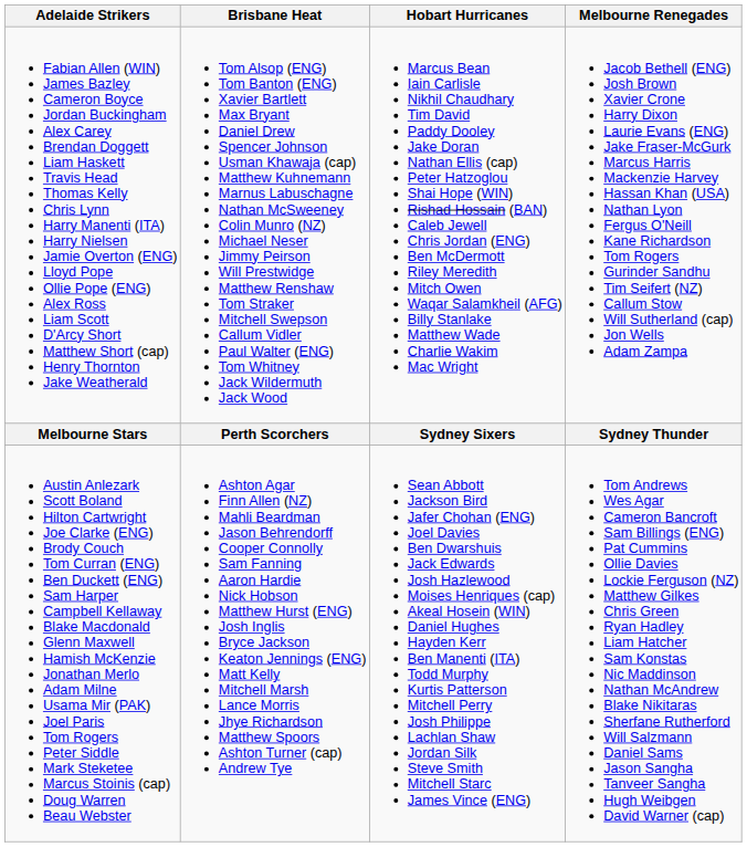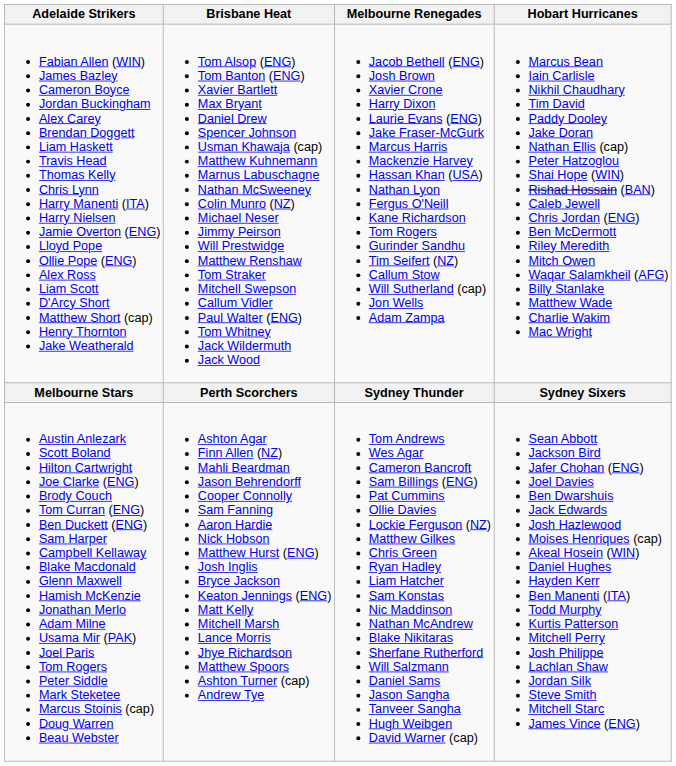 <table class="wikitable">
 <tr>
 <th>Adelaide Strikers</th>
 <th>Brisbane Heat</th>
+<th>Melbourne Renegades</th>
 <th>Hobart Hurricanes</th>
-<th>Melbourne Renegades</th>
 </tr>
 <tr>
 <td valign="top"><br><ul><li><a href='#'>Fabian Allen</a>  (<a href='#'>WIN</a>)</li><li><a href='#'>James Bazley</a></li><li><a href='#'>Cameron Boyce</a></li><li><a href='#'>Jordan Buckingham</a></li><li><a href='#'>Alex Carey</a></li><li><a href='#'>Brendan Doggett</a></li><li><a href='#'>Liam Haskett</a></li><li><a href='#'>Travis Head</a></li><li><a href='#'>Thomas Kelly</a></li><li><a href='#'>Chris Lynn</a></li><li><a href='#'>Harry Manenti</a> (<a href='#'>ITA</a>)</li><li><a href='#'>Harry Nielsen</a></li><li><a href='#'>Jamie Overton</a>  (<a href='#'>ENG</a>)</li><li><a href='#'>Lloyd Pope</a></li><li><a href='#'>Ollie Pope</a>  (<a href='#'>ENG</a>)</li><li><a href='#'>Alex Ross</a></li><li><a href='#'>Liam Scott</a></li><li><a href='#'>D'Arcy Short</a></li><li><a href='#'>Matthew Short</a> (cap)</li><li><a href='#'>Henry Thornton</a></li><li><a href='#'>Jake Weatherald</a></li></ul></td>
 <td valign="top"><br><ul><li><a href='#'>Tom Alsop</a>  (<a href='#'>ENG</a>)</li><li><a href='#'>Tom Banton</a> (<a href='#'>ENG</a>)</li><li><a href='#'>Xavier Bartlett</a></li><li><a href='#'>Max Bryant</a></li><li><a href='#'>Daniel Drew</a></li><li><a href='#'>Spencer Johnson</a></li><li><a href='#'>Usman Khawaja</a> (cap)</li><li><a href='#'>Matthew Kuhnemann</a></li><li><a href='#'>Marnus Labuschagne</a></li><li><a href='#'>Nathan McSweeney</a></li><li><a href='#'>Colin Munro</a> (<a href='#'>NZ</a>)</li><li><a href='#'>Michael Neser</a></li><li><a href='#'>Jimmy Peirson</a></li><li><a href='#'>Will Prestwidge</a></li><li><a href='#'>Matthew Renshaw</a></li><li><a href='#'>Tom Straker</a></li><li><a href='#'>Mitchell Swepson</a></li><li><a href='#'>Callum Vidler</a></li><li><a href='#'>Paul Walter</a> (<a href='#'>ENG</a>)</li><li><a href='#'>Tom Whitney</a></li><li><a href='#'>Jack Wildermuth</a></li><li><a href='#'>Jack Wood</a></li></ul></td>
+<td valign="top"><br><ul><li><a href='#'>Jacob Bethell</a> (<a href='#'>ENG</a>)</li><li><a href='#'>Josh Brown</a></li><li><a href='#'>Xavier Crone</a></li><li><a href='#'>Harry Dixon</a></li><li><a href='#'>Laurie Evans</a> (<a href='#'>ENG</a>)</li><li><a href='#'>Jake Fraser-McGurk</a></li><li><a href='#'>Marcus Harris</a></li><li><a href='#'>Mackenzie Harvey</a></li><li><a href='#'>Hassan Khan</a> (<a href='#'>USA</a>)</li><li><a href='#'>Nathan Lyon</a></li><li><a href='#'>Fergus O'Neill</a></li><li><a href='#'>Kane Richardson</a></li><li><a href='#'>Tom Rogers</a></li><li><a href='#'>Gurinder Sandhu</a></li><li><a href='#'>Tim Seifert</a> (<a href='#'>NZ</a>)</li><li><a href='#'>Callum Stow</a></li><li><a href='#'>Will Sutherland</a> (cap)</li><li><a href='#'>Jon Wells</a></li><li><a href='#'>Adam Zampa</a></li></ul></td>
 <td valign="top"><br><ul><li><a href='#'>Marcus Bean</a></li><li><a href='#'>Iain Carlisle</a></li><li><a href='#'>Nikhil Chaudhary</a></li><li><a href='#'>Tim David</a></li><li><a href='#'>Paddy Dooley</a></li><li><a href='#'>Jake Doran</a></li><li><a href='#'>Nathan Ellis</a> (cap)</li><li><a href='#'>Peter Hatzoglou</a></li><li><a href='#'>Shai Hope</a> (<a href='#'>WIN</a>)</li><li><s><a href='#'>Rishad Hossain</a></s> (<a href='#'>BAN</a>)</li><li><a href='#'>Caleb Jewell</a></li><li><a href='#'>Chris Jordan</a> (<a href='#'>ENG</a>)</li><li><a href='#'>Ben McDermott</a></li><li><a href='#'>Riley Meredith</a></li><li><a href='#'>Mitch Owen</a></li><li><a href='#'>Waqar Salamkheil</a> (<a href='#'>AFG</a>)</li><li><a href='#'>Billy Stanlake</a></li><li><a href='#'>Matthew Wade</a></li><li><a href='#'>Charlie Wakim</a></li><li><a href='#'>Mac Wright</a></li></ul></td>
-<td valign="top"><br><ul><li><a href='#'>Jacob Bethell</a> (<a href='#'>ENG</a>)</li><li><a href='#'>Josh Brown</a></li><li><a href='#'>Xavier Crone</a></li><li><a href='#'>Harry Dixon</a></li><li><a href='#'>Laurie Evans</a> (<a href='#'>ENG</a>)</li><li><a href='#'>Jake Fraser-McGurk</a></li><li><a href='#'>Marcus Harris</a></li><li><a href='#'>Mackenzie Harvey</a></li><li><a href='#'>Hassan Khan</a> (<a href='#'>USA</a>)</li><li><a href='#'>Nathan Lyon</a></li><li><a href='#'>Fergus O'Neill</a></li><li><a href='#'>Kane Richardson</a></li><li><a href='#'>Tom Rogers</a></li><li><a href='#'>Gurinder Sandhu</a></li><li><a href='#'>Tim Seifert</a> (<a href='#'>NZ</a>)</li><li><a href='#'>Callum Stow</a></li><li><a href='#'>Will Sutherland</a> (cap)</li><li><a href='#'>Jon Wells</a></li><li><a href='#'>Adam Zampa</a></li></ul></td>
 </tr>
 <tr>
 <th>Melbourne Stars</th>
 <th>Perth Scorchers</th>
+<th>Sydney Thunder</th>
 <th>Sydney Sixers</th>
-<th>Sydney Thunder</th>
 </tr>
 <tr>
 <td valign="top"><br><ul><li><a href='#'>Austin Anlezark</a></li><li><a href='#'>Scott Boland</a></li><li><a href='#'>Hilton Cartwright</a></li><li><a href='#'>Joe Clarke</a> (<a href='#'>ENG</a>)</li><li><a href='#'>Brody Couch</a></li><li><a href='#'>Tom Curran</a> (<a href='#'>ENG</a>)</li><li><a href='#'>Ben Duckett</a> (<a href='#'>ENG</a>)</li><li><a href='#'>Sam Harper</a></li><li><a href='#'>Campbell Kellaway</a></li><li><a href='#'>Blake Macdonald</a></li><li><a href='#'>Glenn Maxwell</a></li><li><a href='#'>Hamish McKenzie</a></li><li><a href='#'>Jonathan Merlo</a></li><li><a href='#'>Adam Milne</a></li><li><a href='#'>Usama Mir</a> (<a href='#'>PAK</a>)</li><li><a href='#'>Joel Paris</a></li><li><a href='#'>Tom Rogers</a></li><li><a href='#'>Peter Siddle</a></li><li><a href='#'>Mark Steketee</a></li><li><a href='#'>Marcus Stoinis</a> (cap)</li><li><a href='#'>Doug Warren</a></li><li><a href='#'>Beau Webster</a></li></ul></td>
 <td valign="top"><br><ul><li><a href='#'>Ashton Agar</a></li><li><a href='#'>Finn Allen</a> (<a href='#'>NZ</a>)</li><li><a href='#'>Mahli Beardman</a></li><li><a href='#'>Jason Behrendorff</a></li><li><a href='#'>Cooper Connolly</a></li><li><a href='#'>Sam Fanning</a></li><li><a href='#'>Aaron Hardie</a></li><li><a href='#'>Nick Hobson</a></li><li><a href='#'>Matthew Hurst</a> (<a href='#'>ENG</a>)</li><li><a href='#'>Josh Inglis</a></li><li><a href='#'>Bryce Jackson</a></li><li><a href='#'>Keaton Jennings</a> (<a href='#'>ENG</a>)</li><li><a href='#'>Matt Kelly</a></li><li><a href='#'>Mitchell Marsh</a></li><li><a href='#'>Lance Morris</a></li><li><a href='#'>Jhye Richardson</a></li><li><a href='#'>Matthew Spoors</a></li><li><a href='#'>Ashton Turner</a> (cap)</li><li><a href='#'>Andrew Tye</a></li></ul></td>
+<td valign="top"><br><ul><li><a href='#'>Tom Andrews</a></li><li><a href='#'>Wes Agar</a></li><li><a href='#'>Cameron Bancroft</a></li><li><a href='#'>Sam Billings</a> (<a href='#'>ENG</a>)</li><li><a href='#'>Pat Cummins</a></li><li><a href='#'>Ollie Davies</a></li><li><a href='#'>Lockie Ferguson</a> (<a href='#'>NZ</a>)</li><li><a href='#'>Matthew Gilkes</a></li><li><a href='#'>Chris Green</a></li><li><a href='#'>Ryan Hadley</a></li><li><a href='#'>Liam Hatcher</a></li><li><a href='#'>Sam Konstas</a></li><li><a href='#'>Nic Maddinson</a></li><li><a href='#'>Nathan McAndrew</a></li><li><a href='#'>Blake Nikitaras</a></li><li><a href='#'>Sherfane Rutherford</a></li><li><a href='#'>Will Salzmann</a></li><li><a href='#'>Daniel Sams</a></li><li><a href='#'>Jason Sangha</a></li><li><a href='#'>Tanveer Sangha</a></li><li><a href='#'>Hugh Weibgen</a></li><li><a href='#'>David Warner</a> (cap)</li></ul></td>
 <td valign="top"><br><ul><li><a href='#'>Sean Abbott</a></li><li><a href='#'>Jackson Bird</a></li><li><a href='#'>Jafer Chohan</a> (<a href='#'>ENG</a>)</li><li><a href='#'>Joel Davies</a></li><li><a href='#'>Ben Dwarshuis</a></li><li><a href='#'>Jack Edwards</a></li><li><a href='#'>Josh Hazlewood</a></li><li><a href='#'>Moises Henriques</a> (cap)</li><li><a href='#'>Akeal Hosein</a> (<a href='#'>WIN</a>)</li><li><a href='#'>Daniel Hughes</a></li><li><a href='#'>Hayden Kerr</a></li><li><a href='#'>Ben Manenti</a> (<a href='#'>ITA</a>)</li><li><a href='#'>Todd Murphy</a></li><li><a href='#'>Kurtis Patterson</a></li><li><a href='#'>Mitchell Perry</a></li><li><a href='#'>Josh Philippe</a></li><li><a href='#'>Lachlan Shaw</a></li><li><a href='#'>Jordan Silk</a></li><li><a href='#'>Steve Smith</a></li><li><a href='#'>Mitchell Starc</a></li><li><a href='#'>James Vince</a> (<a href='#'>ENG</a>)</li></ul></td>
-<td valign="top"><br><ul><li><a href='#'>Tom Andrews</a></li><li><a href='#'>Wes Agar</a></li><li><a href='#'>Cameron Bancroft</a></li><li><a href='#'>Sam Billings</a> (<a href='#'>ENG</a>)</li><li><a href='#'>Pat Cummins</a></li><li><a href='#'>Ollie Davies</a></li><li><a href='#'>Lockie Ferguson</a> (<a href='#'>NZ</a>)</li><li><a href='#'>Matthew Gilkes</a></li><li><a href='#'>Chris Green</a></li><li><a href='#'>Ryan Hadley</a></li><li><a href='#'>Liam Hatcher</a></li><li><a href='#'>Sam Konstas</a></li><li><a href='#'>Nic Maddinson</a></li><li><a href='#'>Nathan McAndrew</a></li><li><a href='#'>Blake Nikitaras</a></li><li><a href='#'>Sherfane Rutherford</a></li><li><a href='#'>Will Salzmann</a></li><li><a href='#'>Daniel Sams</a></li><li><a href='#'>Jason Sangha</a></li><li><a href='#'>Tanveer Sangha</a></li><li><a href='#'>Hugh Weibgen</a></li><li><a href='#'>David Warner</a> (cap)</li></ul></td>
 </tr>
 </table>
